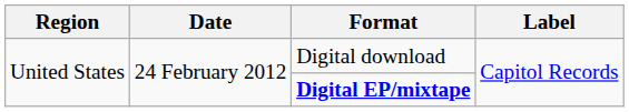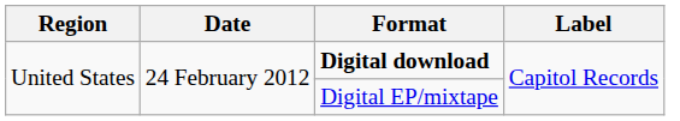 <table class=wikitable>
 <tr>
 <th>Region</th>
 <th>Date</th>
 <th>Format</th>
 <th>Label</th>
 </tr>
 <tr>
 <td rowspan=2>United States</td>
 <td rowspan=2>24 February 2012</td>
-<td>Digital download</td>
+<td><strong>Digital download</strong></td>
 <td rowspan=2><a href='#'>Capitol Records</a></td>
 </tr>
 <tr>
-<td><strong><a href='#'>Digital EP/mixtape</a></strong></td>
+<td><a href='#'>Digital EP/mixtape</a></td>
 </tr>
 </table>
